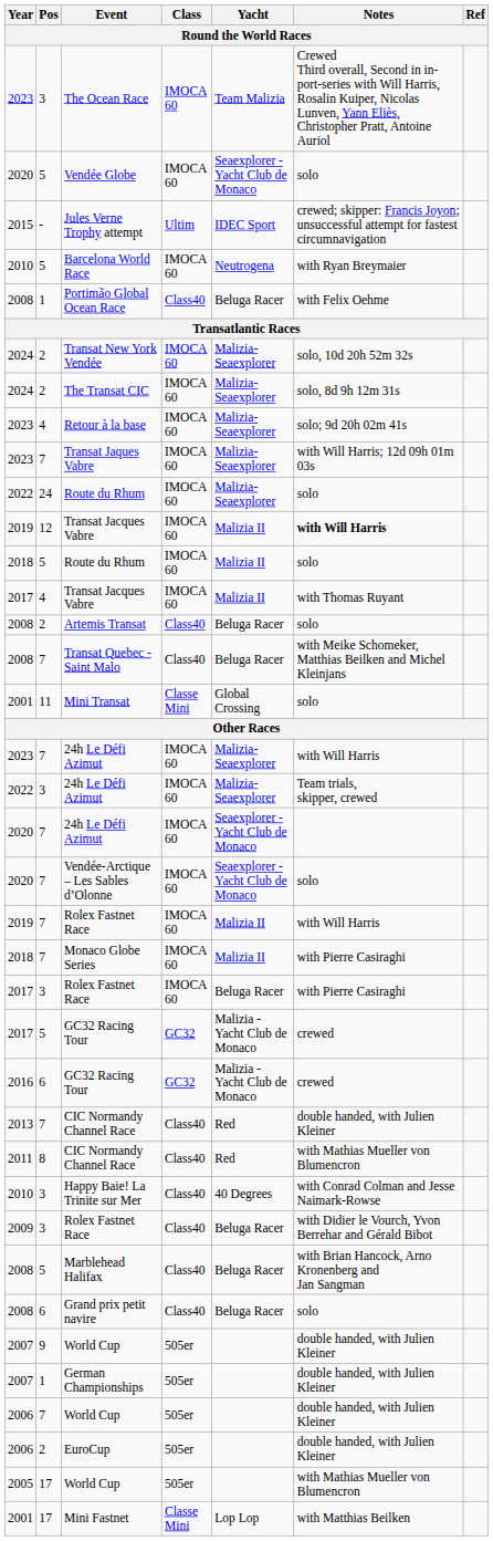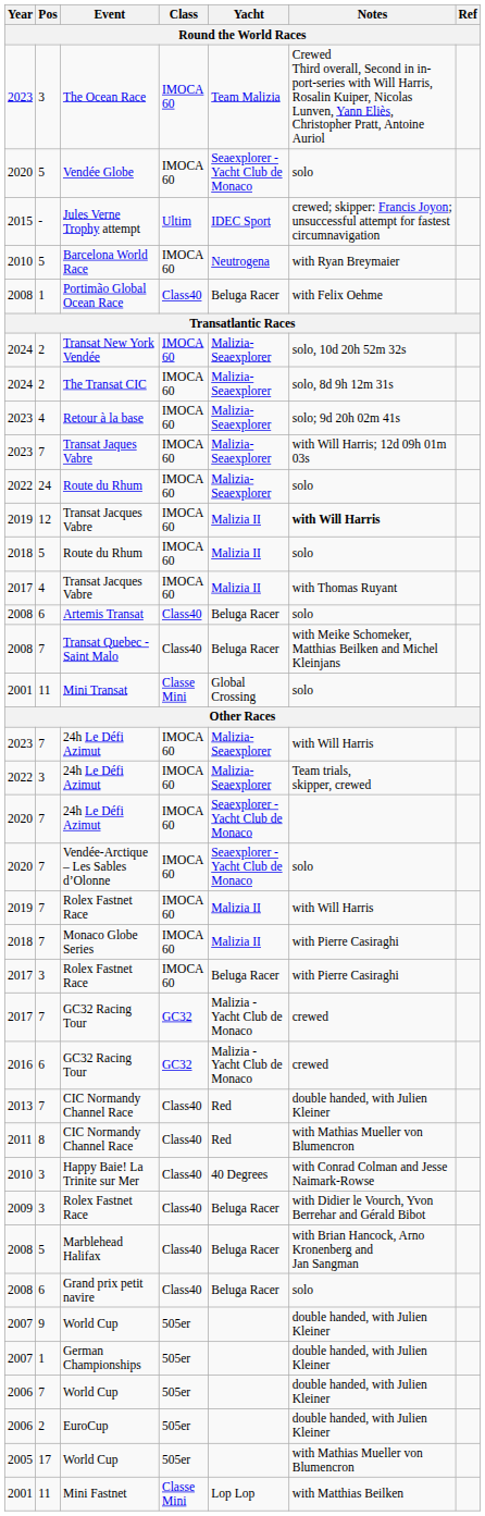 <table class="wikitable sortable">
 <tr>
 <th>Year</th>
 <th>Pos</th>
 <th>Event</th>
 <th>Class</th>
 <th>Yacht</th>
 <th>Notes</th>
 <th>Ref</th>
 </tr>
 <tr>
 <th colspan="7"><strong>Round the World Races</strong></th>
 </tr>
 <tr>
 <td><a href='#'>2023</a></td>
 <td>3</td>
 <td><a href='#'>The Ocean Race</a></td>
 <td><a href='#'>IMOCA 60</a></td>
 <td><a href='#'>Team Malizia</a></td>
 <td>Crewed<br>Third overall, Second in in-port-series with Will Harris, Rosalin Kuiper, Nicolas Lunven, <a href='#'>Yann Eliès</a>, Christopher Pratt, Antoine Auriol</td>
 <td></td>
 </tr>
 <tr>
 <td>2020</td>
 <td>5</td>
 <td><a href='#'>Vendée Globe</a></td>
 <td>IMOCA 60</td>
 <td><a href='#'>Seaexplorer - Yacht Club de Monaco</a></td>
 <td>solo</td>
 <td></td>
 </tr>
 <tr>
 <td>2015</td>
 <td>-</td>
 <td><a href='#'>Jules Verne Trophy</a> attempt</td>
 <td><a href='#'>Ultim</a></td>
 <td><a href='#'>IDEC Sport</a></td>
 <td>crewed; skipper: <a href='#'>Francis Joyon</a>;<br>unsuccessful attempt for fastest circumnavigation</td>
 <td></td>
 </tr>
 <tr>
 <td>2010</td>
 <td>5</td>
 <td><a href='#'>Barcelona World Race</a></td>
 <td>IMOCA 60</td>
 <td><a href='#'>Neutrogena</a></td>
 <td>with Ryan Breymaier</td>
 <td></td>
 </tr>
 <tr>
 <td>2008</td>
 <td>1</td>
 <td><a href='#'>Portimão Global Ocean Race</a></td>
 <td><a href='#'>Class40</a></td>
 <td>Beluga Racer</td>
 <td>with Felix Oehme</td>
 <td></td>
 </tr>
 <tr>
 <th colspan="7"><strong>Transatlantic Races</strong></th>
 </tr>
 <tr>
 <td>2024</td>
 <td>2</td>
 <td><a href='#'>Transat New York Vendée</a></td>
 <td><a href='#'>IMOCA 60</a></td>
 <td><a href='#'>Malizia-Seaexplorer</a></td>
 <td>solo, 10d 20h 52m 32s</td>
 <td></td>
 </tr>
 <tr>
 <td>2024</td>
 <td>2</td>
 <td><a href='#'>The Transat CIC</a></td>
 <td>IMOCA 60</td>
 <td><a href='#'>Malizia-Seaexplorer</a></td>
 <td>solo, 8d 9h 12m 31s</td>
 <td></td>
 </tr>
 <tr>
 <td>2023</td>
 <td>4</td>
 <td><a href='#'>Retour à la base</a></td>
 <td>IMOCA 60</td>
 <td><a href='#'>Malizia-Seaexplorer</a></td>
 <td>solo; 9d 20h 02m 41s</td>
 <td></td>
 </tr>
 <tr>
 <td>2023</td>
 <td>7</td>
 <td><a href='#'>Transat Jaques Vabre</a></td>
 <td>IMOCA 60</td>
 <td><a href='#'>Malizia-Seaexplorer</a></td>
 <td>with Will Harris; 12d 09h 01m 03s</td>
 <td></td>
 </tr>
 <tr>
 <td>2022</td>
 <td>24</td>
 <td><a href='#'>Route du Rhum</a></td>
 <td>IMOCA 60</td>
 <td><a href='#'>Malizia-Seaexplorer</a></td>
 <td>solo</td>
 <td></td>
 </tr>
 <tr>
 <td>2019</td>
 <td>12</td>
 <td>Transat Jacques Vabre</td>
 <td>IMOCA 60</td>
 <td><a href='#'>Malizia II</a></td>
 <td><strong>with Will Harris</strong></td>
 <td></td>
 </tr>
 <tr>
 <td>2018</td>
 <td>5</td>
 <td>Route du Rhum</td>
 <td>IMOCA 60</td>
 <td><a href='#'>Malizia II</a></td>
 <td>solo</td>
 <td></td>
 </tr>
 <tr>
 <td>2017</td>
 <td>4</td>
 <td>Transat Jacques Vabre</td>
 <td>IMOCA 60</td>
 <td><a href='#'>Malizia II</a></td>
 <td>with Thomas Ruyant</td>
 <td></td>
 </tr>
 <tr>
 <td>2008</td>
-<td>2</td>
+<td>6</td>
 <td><a href='#'>Artemis Transat</a></td>
 <td><a href='#'>Class40</a></td>
 <td>Beluga Racer</td>
 <td>solo</td>
 <td></td>
 </tr>
 <tr>
 <td>2008</td>
 <td>7</td>
 <td><a href='#'>Transat Quebec - Saint Malo</a></td>
 <td>Class40</td>
 <td>Beluga Racer</td>
 <td>with Meike Schomeker, Matthias Beilken and Michel Kleinjans</td>
 <td></td>
 </tr>
 <tr>
 <td>2001</td>
 <td>11</td>
 <td><a href='#'>Mini Transat</a></td>
 <td><a href='#'>Classe Mini</a></td>
 <td>Global Crossing</td>
 <td>solo</td>
 <td></td>
 </tr>
 <tr>
 <th colspan="7"><strong>Other Races</strong></th>
 </tr>
 <tr>
 <td>2023</td>
 <td>7</td>
 <td>24h <a href='#'>Le Défi Azimut</a></td>
 <td>IMOCA 60</td>
 <td><a href='#'>Malizia-Seaexplorer</a></td>
 <td>with Will Harris</td>
 <td></td>
 </tr>
 <tr>
 <td>2022</td>
 <td>3</td>
 <td>24h <a href='#'>Le Défi Azimut</a></td>
 <td>IMOCA 60</td>
 <td><a href='#'>Malizia-Seaexplorer</a></td>
 <td>Team trials,<br>skipper, crewed</td>
 <td></td>
 </tr>
 <tr>
 <td>2020</td>
 <td>7</td>
 <td>24h <a href='#'>Le Défi Azimut</a></td>
 <td>IMOCA 60</td>
 <td><a href='#'>Seaexplorer - Yacht Club de Monaco</a></td>
 <td></td>
 <td></td>
 </tr>
 <tr>
 <td>2020</td>
 <td>7</td>
 <td>Vendée-Arctique – Les Sables d’Olonne</td>
 <td>IMOCA 60</td>
 <td><a href='#'>Seaexplorer - Yacht Club de Monaco</a></td>
 <td>solo</td>
 <td></td>
 </tr>
 <tr>
 <td>2019</td>
 <td>7</td>
 <td>Rolex Fastnet Race</td>
 <td>IMOCA 60</td>
 <td><a href='#'>Malizia II</a></td>
 <td>with Will Harris</td>
 <td></td>
 </tr>
 <tr>
 <td>2018</td>
 <td>7</td>
 <td>Monaco Globe Series</td>
 <td>IMOCA 60</td>
 <td><a href='#'>Malizia II</a></td>
 <td>with Pierre Casiraghi</td>
 <td></td>
 </tr>
 <tr>
 <td>2017</td>
 <td>3</td>
 <td>Rolex Fastnet Race</td>
 <td>IMOCA 60</td>
 <td>Beluga Racer</td>
 <td>with Pierre Casiraghi</td>
 <td></td>
 </tr>
 <tr>
 <td>2017</td>
-<td>5</td>
+<td>7</td>
 <td>GC32 Racing Tour</td>
 <td><a href='#'>GC32</a></td>
 <td>Malizia - Yacht Club de Monaco</td>
 <td>crewed</td>
 <td></td>
 </tr>
 <tr>
 <td>2016</td>
 <td>6</td>
 <td>GC32 Racing Tour</td>
 <td><a href='#'>GC32</a></td>
 <td>Malizia - Yacht Club de Monaco</td>
 <td>crewed</td>
 <td></td>
 </tr>
 <tr>
 <td>2013</td>
 <td>7</td>
 <td>CIC Normandy Channel Race</td>
 <td>Class40</td>
 <td>Red</td>
 <td>double handed, with Julien Kleiner</td>
 <td></td>
 </tr>
 <tr>
 <td>2011</td>
 <td>8</td>
 <td>CIC Normandy Channel Race</td>
 <td>Class40</td>
 <td>Red</td>
 <td>with Mathias Mueller von Blumencron</td>
 <td></td>
 </tr>
 <tr>
 <td>2010</td>
 <td>3</td>
 <td>Happy Baie! La Trinite sur Mer</td>
 <td>Class40</td>
 <td>40 Degrees</td>
 <td>with Conrad Colman and Jesse Naimark-Rowse</td>
 <td></td>
 </tr>
 <tr>
 <td>2009</td>
 <td>3</td>
 <td>Rolex Fastnet Race</td>
 <td>Class40</td>
 <td>Beluga Racer</td>
 <td>with Didier le Vourch, Yvon Berrehar and Gérald Bibot</td>
 <td></td>
 </tr>
 <tr>
 <td>2008</td>
 <td>5</td>
 <td>Marblehead Halifax</td>
 <td>Class40</td>
 <td>Beluga Racer</td>
 <td>with Brian Hancock, Arno Kronenberg and<br>Jan Sangman</td>
 <td></td>
 </tr>
 <tr>
 <td>2008</td>
 <td>6</td>
 <td>Grand prix petit navire</td>
 <td>Class40</td>
 <td>Beluga Racer</td>
 <td>solo</td>
 <td></td>
 </tr>
 <tr>
 <td>2007</td>
 <td>9</td>
 <td>World Cup</td>
 <td>505er</td>
 <td></td>
 <td>double handed, with Julien Kleiner</td>
 <td></td>
 </tr>
 <tr>
 <td>2007</td>
 <td>1</td>
 <td>German Championships</td>
 <td>505er</td>
 <td></td>
 <td>double handed, with Julien Kleiner</td>
 <td></td>
 </tr>
 <tr>
 <td>2006</td>
 <td>7</td>
 <td>World Cup</td>
 <td>505er</td>
 <td></td>
 <td>double handed, with Julien Kleiner</td>
 <td></td>
 </tr>
 <tr>
 <td>2006</td>
 <td>2</td>
 <td>EuroCup</td>
 <td>505er</td>
 <td></td>
 <td>double handed, with Julien Kleiner</td>
 <td></td>
 </tr>
 <tr>
 <td>2005</td>
 <td>17</td>
 <td>World Cup</td>
 <td>505er</td>
 <td></td>
 <td>with Mathias Mueller von Blumencron</td>
 <td></td>
 </tr>
 <tr>
 <td>2001</td>
-<td>17</td>
+<td>11</td>
 <td>Mini Fastnet</td>
 <td><a href='#'>Classe Mini</a></td>
 <td>Lop Lop</td>
 <td>with Matthias Beilken</td>
 <td></td>
 </tr>
 </table>
